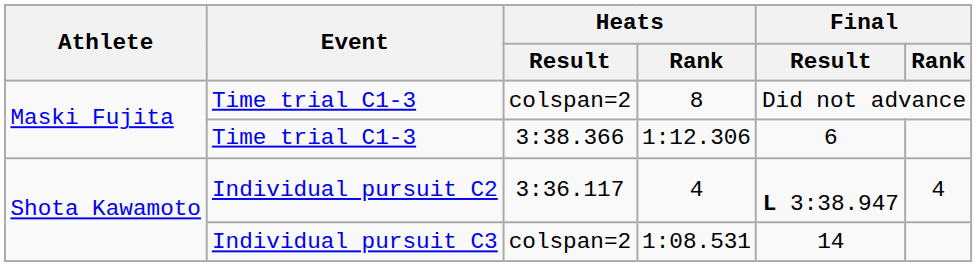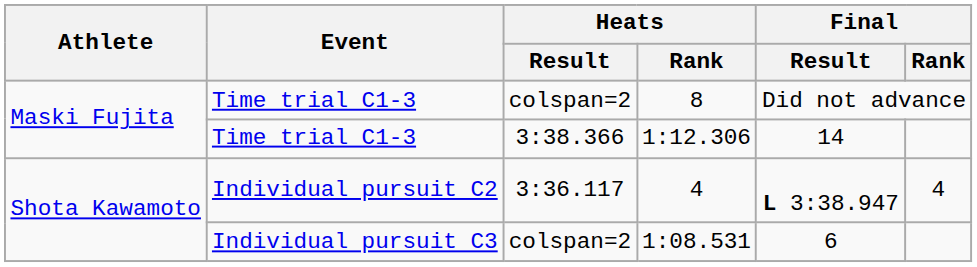 <table class=wikitable style="font-size:90%">
 <tr>
 <th rowspan="2">Athlete</th>
 <th rowspan="2">Event</th>
 <th colspan="2">Heats</th>
 <th colspan="2">Final</th>
 </tr>
 <tr>
 <th>Result</th>
 <th>Rank</th>
 <th>Result</th>
 <th>Rank</th>
 </tr>
 <tr align=center>
 <td align=left rowspan=2><a href='#'>Maski Fujita</a></td>
 <td align=left><a href='#'>Time trial C1-3</a></td>
 <td>colspan=2 </td>
 <td>8</td>
 <td colspan=2>Did not advance</td>
 </tr>
 <tr align=center>
 <td align=left><a href='#'>Time trial C1-3</a></td>
 <td>3:38.366</td>
 <td>1:12.306</td>
-<td>6</td>
+<td>14</td>
 </tr>
 <tr align=center>
 <td align=left rowspan=2><a href='#'>Shota Kawamoto</a></td>
 <td align=left><a href='#'>Individual pursuit C2</a></td>
 <td>3:36.117</td>
 <td>4</td>
 <td><br><strong>L</strong> 3:38.947</td>
 <td>4</td>
 </tr>
 <tr align=center>
 <td align=left><a href='#'>Individual pursuit C3</a></td>
 <td>colspan=2 </td>
 <td>1:08.531</td>
-<td>14</td>
+<td>6</td>
 </tr>
 </table>
